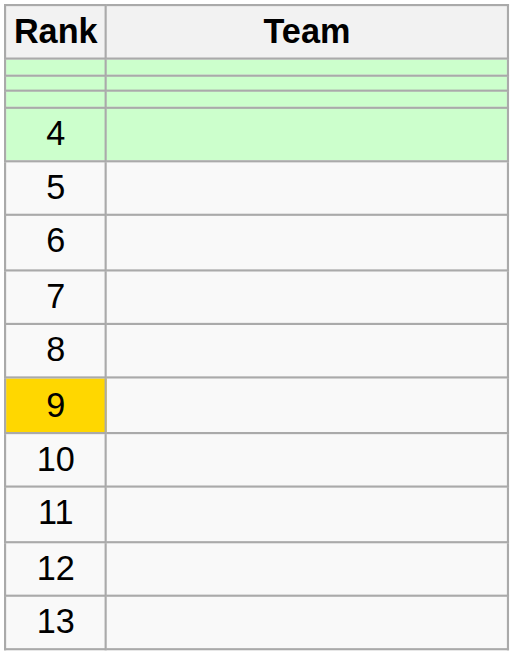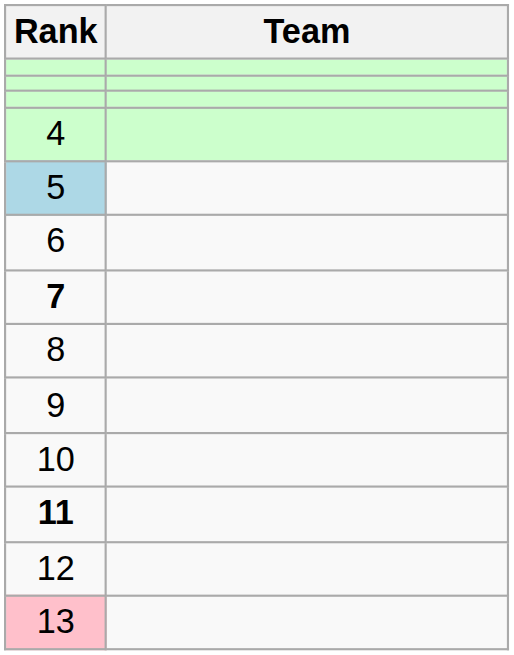 <table class="wikitable">
 <tr>
 <th width=40>Rank</th>
 <th width=180>Team</th>
 </tr>
 <tr bgcolor=#ccffcc>
 <td align=center></td>
 <td></td>
 </tr>
 <tr bgcolor=#ccffcc>
 <td align=center></td>
 <td></td>
 </tr>
 <tr bgcolor=#ccffcc>
 <td align=center></td>
 <td></td>
 </tr>
 <tr bgcolor=#ccffcc>
 <td align=center>4</td>
 <td></td>
 </tr>
 <tr>
-<td align=center>5</td>
+<td align=center style="background: lightblue;">5</td>
 <td></td>
 </tr>
 <tr>
 <td align=center>6</td>
 <td></td>
 </tr>
 <tr>
-<td align=center>7</td>
+<td align=center><strong>7</strong></td>
 <td></td>
 </tr>
 <tr>
 <td align=center>8</td>
 <td></td>
 </tr>
 <tr>
-<td align=center style="background: gold;">9</td>
+<td align=center>9</td>
 <td></td>
 </tr>
 <tr>
 <td align=center>10</td>
 <td></td>
 </tr>
 <tr>
-<td align=center>11</td>
+<td align=center><strong>11</strong></td>
 <td></td>
 </tr>
 <tr>
 <td align=center>12</td>
 <td></td>
 </tr>
 <tr>
-<td align=center>13</td>
+<td align=center style="background: pink;">13</td>
 <td></td>
 </tr>
 </table>
